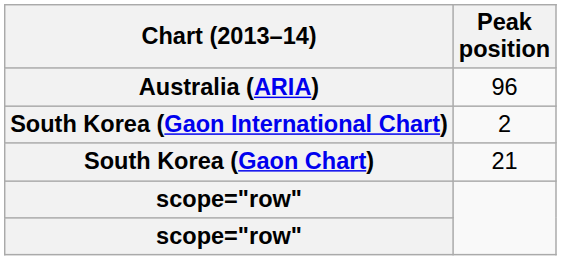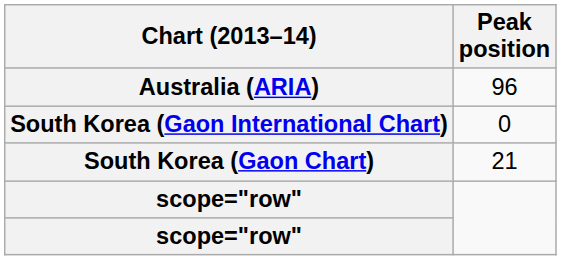 <table class="wikitable sortable plainrowheaders">
 <tr>
 <th>Chart (2013–14)</th>
 <th>Peak<br>position</th>
 </tr>
 <tr>
 <th scope="row">Australia (<a href='#'>ARIA</a>)</th>
 <td style="text-align:center;">96</td>
 </tr>
 <tr>
 <th scope="row">South Korea (<a href='#'>Gaon International Chart</a>)</th>
-<td style="text-align:center;">2</td>
+<td style="text-align:center;">0</td>
 </tr>
 <tr>
 <th scope="row">South Korea (<a href='#'>Gaon Chart</a>)</th>
 <td style="text-align:center;">21</td>
 </tr>
 <tr>
 <th>scope="row"</th>
 </tr>
 <tr>
 <th>scope="row"</th>
 </tr>
 </table>
